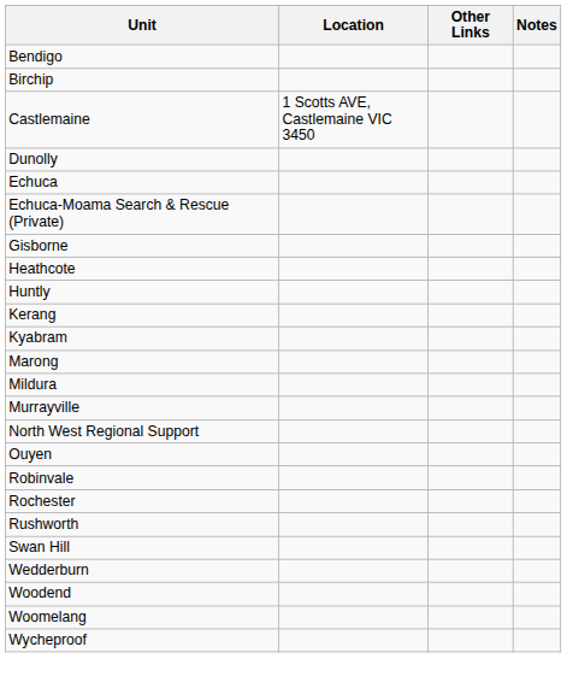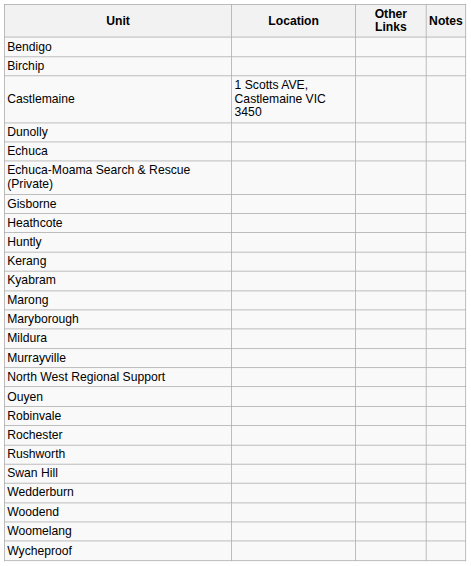 <table class="wikitable">
 <tr>
 <th>Unit</th>
 <th>Location</th>
 <th>Other Links</th>
 <th>Notes</th>
 </tr>
 <tr>
 <td>Bendigo</td>
 <td></td>
 <td></td>
 <td></td>
 </tr>
 <tr>
 <td>Birchip</td>
 <td></td>
 <td></td>
 <td></td>
 </tr>
 <tr>
 <td>Castlemaine</td>
 <td>1 Scotts AVE,<br>Castlemaine VIC 3450<br></td>
 <td></td>
 <td></td>
 </tr>
 <tr>
 <td>Dunolly</td>
 <td></td>
 <td></td>
 <td></td>
 </tr>
 <tr>
 <td>Echuca</td>
 <td></td>
 <td></td>
 <td></td>
 </tr>
 <tr>
 <td>Echuca-Moama Search & Rescue (Private)</td>
 <td></td>
 <td></td>
 </tr>
 <tr>
 <td>Gisborne</td>
 <td></td>
 <td></td>
 <td></td>
 </tr>
 <tr>
 <td>Heathcote</td>
 <td></td>
 <td></td>
 <td></td>
 </tr>
 <tr>
 <td>Huntly</td>
 <td></td>
 <td></td>
 <td></td>
 </tr>
 <tr>
 <td>Kerang</td>
 <td></td>
 <td></td>
 <td></td>
 </tr>
 <tr>
 <td>Kyabram</td>
 <td></td>
 <td></td>
 <td></td>
 </tr>
 <tr>
 <td>Marong</td>
 <td></td>
 <td></td>
 <td></td>
 </tr>
 <tr>
+<td>Maryborough</td>
+<td></td>
+<td></td>
+<td></td>
+</tr>
+<tr>
 <td>Mildura</td>
 <td></td>
 <td></td>
 <td></td>
 </tr>
 <tr>
 <td>Murrayville</td>
 <td></td>
 <td></td>
 <td></td>
 </tr>
 <tr>
 <td>North West Regional Support</td>
 <td></td>
 <td></td>
 <td></td>
 </tr>
 <tr>
 <td>Ouyen</td>
 <td></td>
 <td></td>
 <td></td>
 </tr>
 <tr>
 <td>Robinvale</td>
 <td></td>
 <td></td>
 <td></td>
 </tr>
 <tr>
 <td>Rochester</td>
 <td></td>
 <td></td>
 <td></td>
 </tr>
 <tr>
 <td>Rushworth</td>
 <td></td>
 <td></td>
 <td></td>
 </tr>
 <tr>
 <td>Swan Hill</td>
 <td></td>
 <td></td>
 <td></td>
 </tr>
 <tr>
 <td>Wedderburn</td>
 <td></td>
 <td></td>
 <td></td>
 </tr>
 <tr>
 <td>Woodend</td>
 <td></td>
 <td></td>
 <td></td>
 </tr>
 <tr>
 <td>Woomelang</td>
 <td></td>
 <td></td>
 <td></td>
 </tr>
 <tr>
 <td>Wycheproof</td>
 <td></td>
 <td></td>
 <td></td>
 </tr>
 </table>
